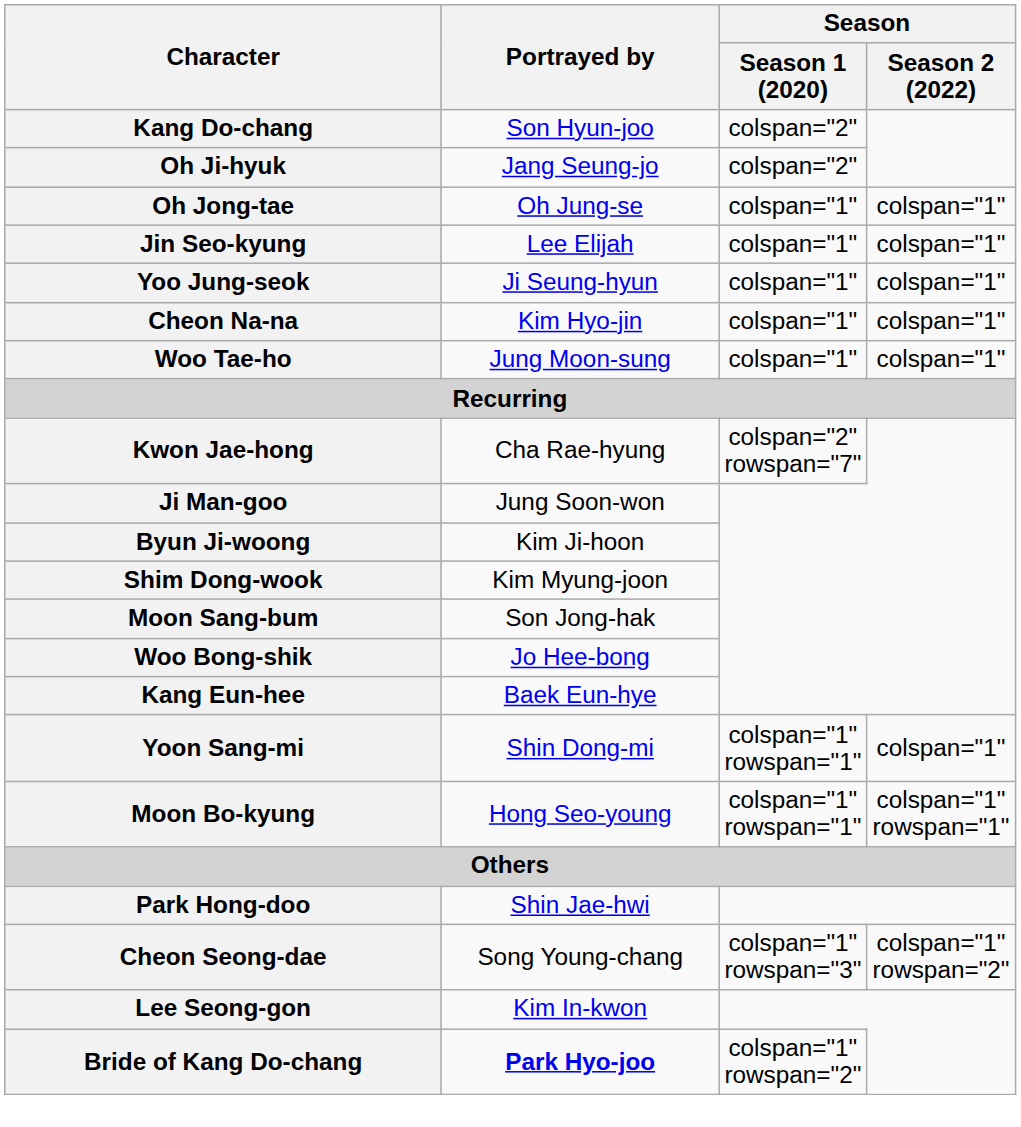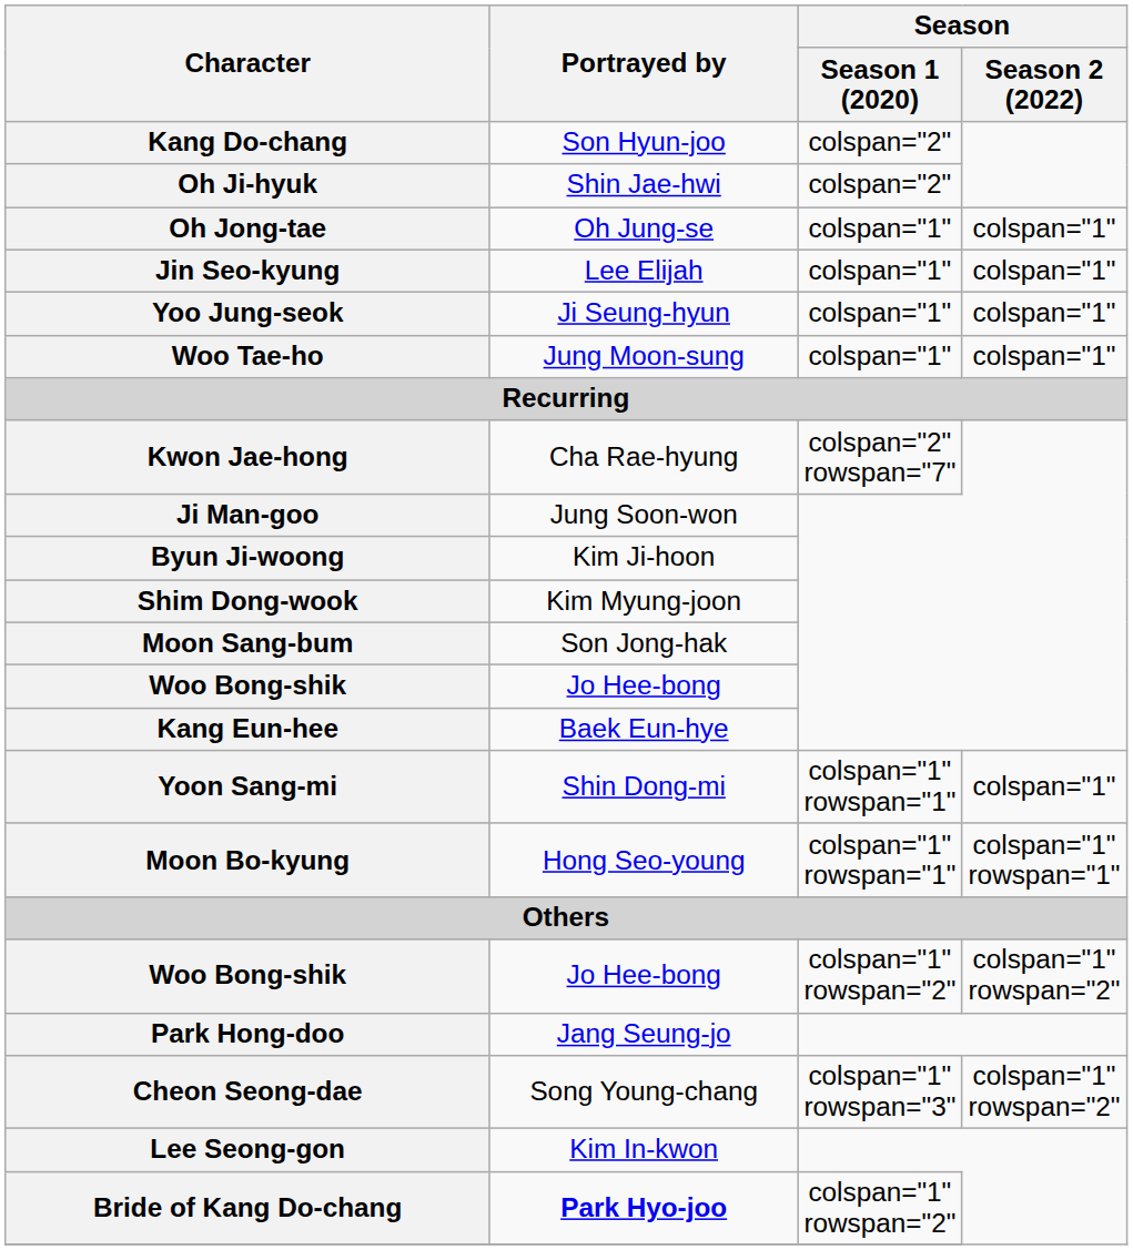 <table class="wikitable" style="text-align:center;">
 <tr>
 <th rowspan="2" style="width:280px;">Character</th>
 <th style="width:175px;" rowspan="2">Portrayed by</th>
 <th colspan="2">Season</th>
 </tr>
 <tr>
 <th style="width:80px;">Season 1<br>(2020)</th>
 <th style="width:80px;">Season 2<br>(2022)</th>
 </tr>
 <tr>
 <th>Kang Do-chang</th>
 <td><a href='#'>Son Hyun-joo</a></td>
 <td>colspan="2" </td>
 </tr>
 <tr>
 <th>Oh Ji-hyuk</th>
-<td><a href='#'>Jang Seung-jo</a></td>
+<td><a href='#'>Shin Jae-hwi</a></td>
 <td>colspan="2" </td>
 </tr>
 <tr>
 <th>Oh Jong-tae</th>
 <td><a href='#'>Oh Jung-se</a></td>
 <td>colspan="1" </td>
 <td>colspan="1" </td>
 </tr>
 <tr>
 <th>Jin Seo-kyung</th>
 <td><a href='#'>Lee Elijah</a></td>
 <td>colspan="1" </td>
 <td>colspan="1" </td>
 </tr>
 <tr>
 <th>Yoo Jung-seok</th>
 <td><a href='#'>Ji Seung-hyun</a></td>
 <td>colspan="1" </td>
 <td>colspan="1"  </td>
-</tr>
-<tr>
-<th>Cheon Na-na</th>
-<td><a href='#'>Kim Hyo-jin</a></td>
-<td>colspan="1" </td>
-<td>colspan="1" </td>
 </tr>
 <tr>
 <th>Woo Tae-ho</th>
 <td><a href='#'>Jung Moon-sung</a></td>
 <td>colspan="1" </td>
 <td>colspan="1" </td>
 </tr>
 <tr>
 <th scope="col" colspan="4" style="background:lightgray">Recurring</th>
 </tr>
 <tr>
 <th>Kwon Jae-hong</th>
 <td>Cha Rae-hyung</td>
 <td>colspan="2" rowspan="7" </td>
 </tr>
 <tr>
 <th>Ji Man-goo</th>
 <td>Jung Soon-won</td>
 </tr>
 <tr>
 <th>Byun Ji-woong</th>
 <td>Kim Ji-hoon</td>
 </tr>
 <tr>
 <th>Shim Dong-wook</th>
 <td>Kim Myung-joon</td>
 </tr>
 <tr>
 <th>Moon Sang-bum</th>
 <td>Son Jong-hak</td>
 </tr>
 <tr>
 <th>Woo Bong-shik</th>
 <td><a href='#'>Jo Hee-bong</a></td>
 </tr>
 <tr>
 <th>Kang Eun-hee</th>
 <td><a href='#'>Baek Eun-hye</a></td>
 </tr>
 <tr>
 <th>Yoon Sang-mi</th>
 <td><a href='#'>Shin Dong-mi</a></td>
 <td>colspan="1" rowspan="1" </td>
 <td>colspan="1" </td>
 </tr>
 <tr>
 <th>Moon Bo-kyung</th>
 <td><a href='#'>Hong Seo-young</a></td>
 <td>colspan="1" rowspan="1"</td>
 <td>colspan="1" rowspan="1" </td>
 </tr>
 <tr>
 <th scope="col" colspan="4" style="background:lightgray">Others</th>
 </tr>
 <tr>
+<th>Woo Bong-shik</th>
+<td><a href='#'>Jo Hee-bong</a></td>
+<td>colspan="1" rowspan="2" </td>
+<td>colspan="1" rowspan="2"</td>
+</tr>
+<tr>
 <th>Park Hong-doo</th>
-<td><a href='#'>Shin Jae-hwi</a></td>
+<td><a href='#'>Jang Seung-jo</a></td>
 </tr>
 <tr>
 <th>Cheon Seong-dae</th>
 <td>Song Young-chang</td>
 <td>colspan="1" rowspan="3"</td>
 <td>colspan="1" rowspan="2" </td>
 </tr>
 <tr>
 <th>Lee Seong-gon</th>
 <td><a href='#'>Kim In-kwon</a></td>
 </tr>
 <tr>
 <th>Bride of Kang Do-chang</th>
 <td><strong><a href='#'>Park Hyo-joo</a></strong></td>
 <td>colspan="1" rowspan="2" </td>
 </tr>
 <tr>
 </tr>
 </table>
